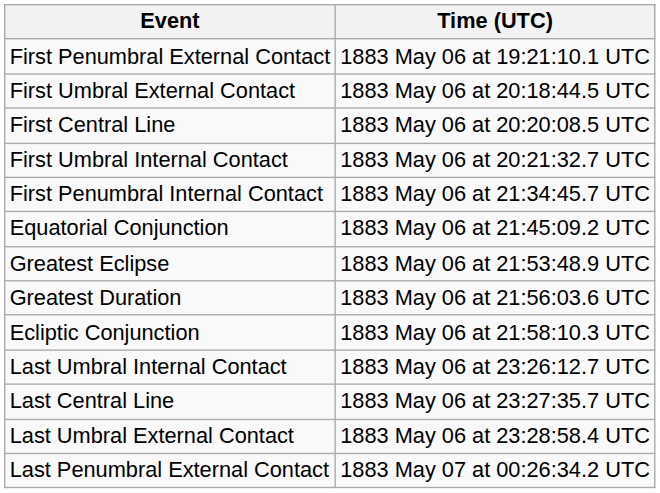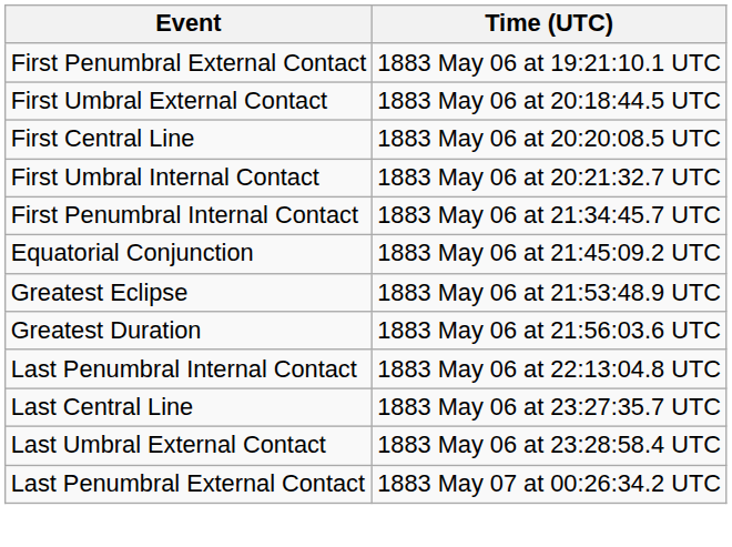 <table class="wikitable">
 <tr>
 <th>Event</th>
 <th>Time (UTC)</th>
 </tr>
 <tr>
 <td>First Penumbral External Contact</td>
 <td>1883 May 06 at 19:21:10.1 UTC</td>
 </tr>
 <tr>
 <td>First Umbral External Contact</td>
 <td>1883 May 06 at 20:18:44.5 UTC</td>
 </tr>
 <tr>
 <td>First Central Line</td>
 <td>1883 May 06 at 20:20:08.5 UTC</td>
 </tr>
 <tr>
 <td>First Umbral Internal Contact</td>
 <td>1883 May 06 at 20:21:32.7 UTC</td>
 </tr>
 <tr>
 <td>First Penumbral Internal Contact</td>
 <td>1883 May 06 at 21:34:45.7 UTC</td>
 </tr>
 <tr>
 <td>Equatorial Conjunction</td>
 <td>1883 May 06 at 21:45:09.2 UTC</td>
 </tr>
 <tr>
 <td>Greatest Eclipse</td>
 <td>1883 May 06 at 21:53:48.9 UTC</td>
 </tr>
 <tr>
 <td>Greatest Duration</td>
 <td>1883 May 06 at 21:56:03.6 UTC</td>
 </tr>
 <tr>
-<td>Ecliptic Conjunction</td>
-<td>1883 May 06 at 21:58:10.3 UTC</td>
-</tr>
-<tr>
-<td>Last Umbral Internal Contact</td>
-<td>1883 May 06 at 23:26:12.7 UTC</td>
+<td>Last Penumbral Internal Contact</td>
+<td>1883 May 06 at 22:13:04.8 UTC</td>
 </tr>
 <tr>
 <td>Last Central Line</td>
 <td>1883 May 06 at 23:27:35.7 UTC</td>
 </tr>
 <tr>
 <td>Last Umbral External Contact</td>
 <td>1883 May 06 at 23:28:58.4 UTC</td>
 </tr>
 <tr>
 <td>Last Penumbral External Contact</td>
 <td>1883 May 07 at 00:26:34.2 UTC</td>
 </tr>
 </table>
